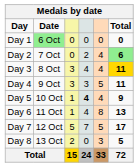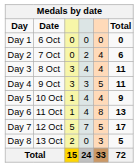 <table class="wikitable" style="font-size:85%;float:right;text-align:center">
 <tr style="background:#efefef;">
 <th colspan=7><strong>Medals by date</strong></th>
 </tr>
 <tr>
 <td><strong>Day</strong></td>
 <td><strong>Date</strong></td>
 <td style="background:#F7F6A8;"></td>
 <td style="background:#DCE5E5;"></td>
 <td style="background:#FFDAB9;"></td>
 <td><strong>Total</strong></td>
 </tr>
 <tr>
 <td>Day 1</td>
-<td style="background: lightgreen;">6 Oct</td>
+<td>6 Oct</td>
 <td style="background:#F7F6A8;">0</td>
 <td style="background:#DCE5E5;">0</td>
 <td style="background:#FFDAB9;">0</td>
 <td><strong>0</strong></td>
 </tr>
 <tr>
 <td>Day 2</td>
 <td>7 Oct</td>
 <td style="background:#F7F6A8;">0</td>
 <td style="background:#DCE5E5;">2</td>
 <td style="background:#FFDAB9;">4</td>
-<td style="background: lightgreen;"><strong>6</strong></td>
+<td><strong>6</strong></td>
 </tr>
 <tr>
 <td>Day 3</td>
 <td>8 Oct</td>
 <td style="background:#F7F6A8;">3</td>
 <td style="background:#DCE5E5;">4</td>
 <td style="background:#FFDAB9;">4</td>
-<td style="background: gold;"><strong>11</strong></td>
+<td><strong>11</strong></td>
 </tr>
 <tr>
 <td>Day 4</td>
 <td>9 Oct</td>
 <td style="background:#F7F6A8;">3</td>
 <td style="background:#DCE5E5;">3</td>
 <td style="background:#FFDAB9;">5</td>
 <td><strong>11</strong></td>
 </tr>
 <tr>
 <td>Day 5</td>
 <td>10 Oct</td>
 <td style="background:#F7F6A8;">1</td>
-<td style="background:#DCE5E5;"><strong>4</strong></td>
+<td style="background:#DCE5E5;">4</td>
 <td style="background:#FFDAB9;">4</td>
 <td><strong>9</strong></td>
 </tr>
 <tr>
 <td>Day 6</td>
 <td>11 Oct</td>
 <td style="background:#F7F6A8;">1</td>
 <td style="background:#DCE5E5;">4</td>
 <td style="background:#FFDAB9;">8</td>
 <td><strong>13</strong></td>
 </tr>
 <tr>
 <td>Day 7</td>
 <td>12 Oct</td>
 <td style="background:#F7F6A8;">5</td>
 <td style="background:#DCE5E5;">7</td>
 <td style="background:#FFDAB9;">5</td>
 <td><strong>17</strong></td>
 </tr>
 <tr>
 <td>Day 8</td>
 <td>13 Oct</td>
 <td style="background:#F7F6A8;">2</td>
 <td style="background:#DCE5E5;">0</td>
 <td style="background:#FFDAB9;">3</td>
 <td><strong>5</strong></td>
 </tr>
 <tr>
 <th colspan="2"><strong>Total</strong></th>
 <th style="background:gold;"><strong>15</strong></th>
 <th style="background:silver;"><strong>24</strong></th>
 <th style="background:#c96;"><strong>33</strong></th>
 <th><strong>72</strong></th>
 </tr>
 </table>
